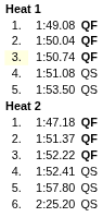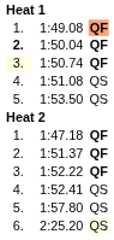 <table style="text-align:center">
 <tr>
 <td colspan=4 align=left><strong>Heat 1</strong></td>
 </tr>
 <tr>
 <td width=30>1.</td>
 <td align=left></td>
 <td width=60>1:49.08</td>
-<td><strong>QF</strong></td>
+<td style="background: lightsalmon;"><strong>QF</strong></td>
 </tr>
 <tr>
-<td>2.</td>
+<td><strong>2.</strong></td>
 <td align=left></td>
 <td>1:50.04</td>
 <td><strong>QF</strong></td>
 </tr>
 <tr>
 <td style="background: lightyellow;">3.</td>
 <td align=left></td>
 <td>1:50.74</td>
 <td><strong>QF</strong></td>
 </tr>
 <tr>
 <td>4.</td>
 <td align=left></td>
 <td>1:51.08</td>
 <td>QS</td>
 </tr>
 <tr>
 <td>5.</td>
 <td align=left></td>
 <td>1:53.50</td>
 <td>QS</td>
 </tr>
 <tr>
 <td colspan=4 align=left><strong>Heat 2</strong></td>
 </tr>
 <tr>
 <td>1.</td>
 <td align=left></td>
 <td>1:47.18</td>
 <td><strong>QF</strong></td>
 </tr>
 <tr>
 <td>2.</td>
 <td align=left></td>
 <td>1:51.37</td>
 <td><strong>QF</strong></td>
 </tr>
 <tr>
 <td>3.</td>
 <td align=left></td>
 <td>1:52.22</td>
 <td><strong>QF</strong></td>
 </tr>
 <tr>
 <td>4.</td>
 <td align=left></td>
 <td>1:52.41</td>
 <td>QS</td>
 </tr>
 <tr>
 <td>5.</td>
 <td align=left></td>
 <td>1:57.80</td>
 <td>QS</td>
 </tr>
 <tr>
 <td>6.</td>
 <td align=left></td>
 <td>2:25.20</td>
-<td>QS</td>
+<td style="background: lightyellow;">QS</td>
 </tr>
 </table>
